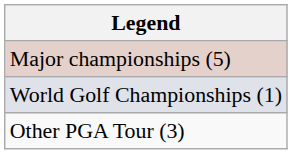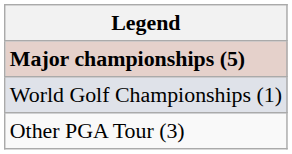 <table class="wikitable" style="font-size:95%;">
 <tr>
 <th>Legend</th>
 </tr>
 <tr style="background:#e5d1cb;">
-<td>Major championships (5)</td>
+<td><strong>Major championships (5)</strong></td>
 </tr>
 <tr style="background:#dfe2e9">
 <td>World Golf Championships (1)</td>
 </tr>
 <tr>
 <td>Other PGA Tour (3)</td>
 </tr>
 </table>
